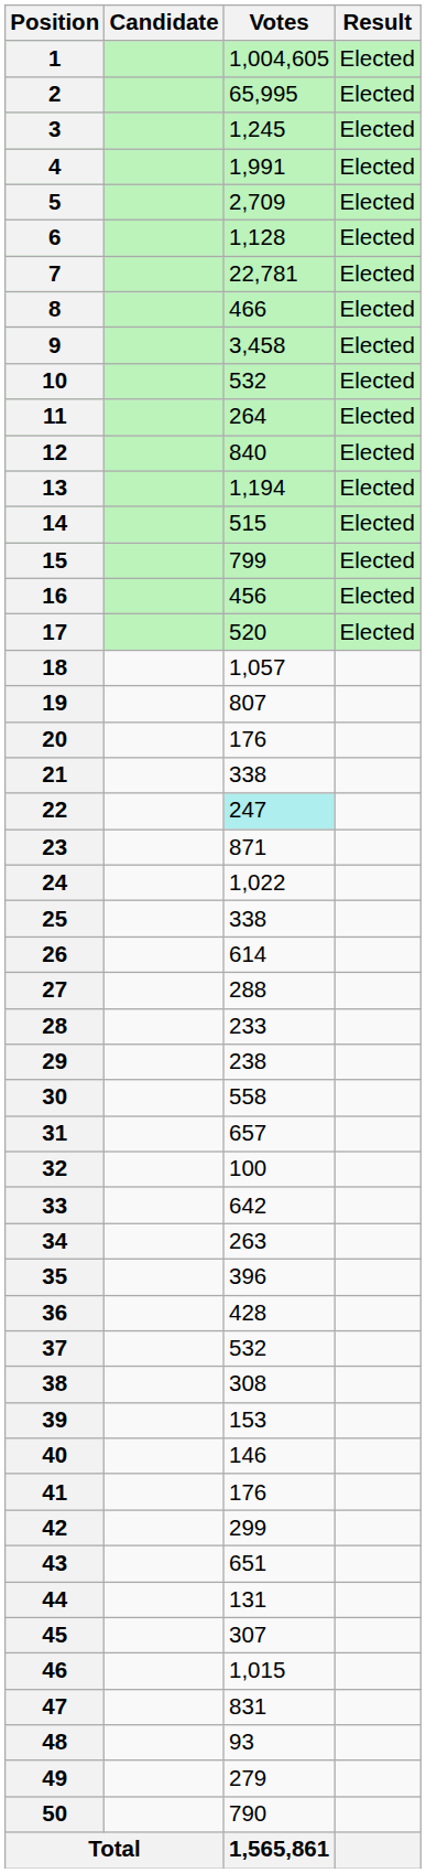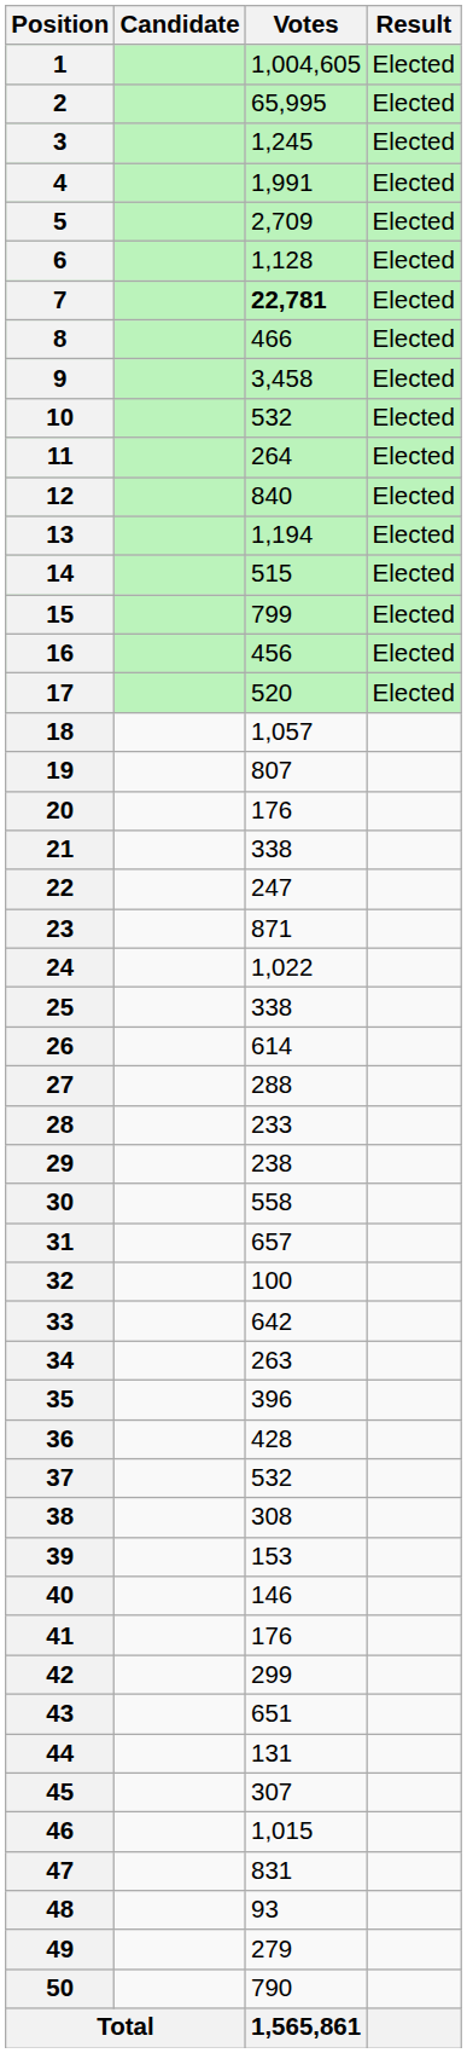 <table class="wikitable sortable col3right">
 <tr>
 <th scope="col">Position</th>
 <th scope="col">Candidate</th>
 <th scope="col">Votes</th>
 <th scope="col">Result</th>
 </tr>
 <tr bgcolor=bbf3bb>
 <th scope="row">1</th>
 <td></td>
 <td>1,004,605</td>
 <td>Elected</td>
 </tr>
 <tr bgcolor=bbf3bb>
 <th scope="row">2</th>
 <td></td>
 <td>65,995</td>
 <td>Elected</td>
 </tr>
 <tr bgcolor=bbf3bb>
 <th scope="row">3</th>
 <td></td>
 <td>1,245</td>
 <td>Elected</td>
 </tr>
 <tr bgcolor=bbf3bb>
 <th scope="row">4</th>
 <td></td>
 <td>1,991</td>
 <td>Elected</td>
 </tr>
 <tr bgcolor=bbf3bb>
 <th scope="row">5</th>
 <td></td>
 <td>2,709</td>
 <td>Elected</td>
 </tr>
 <tr bgcolor=bbf3bb>
 <th scope="row">6</th>
 <td></td>
 <td>1,128</td>
 <td>Elected</td>
 </tr>
 <tr bgcolor=bbf3bb>
 <th scope="row">7</th>
 <td></td>
-<td>22,781</td>
+<td><strong>22,781</strong></td>
 <td>Elected</td>
 </tr>
 <tr bgcolor=bbf3bb>
 <th scope="row">8</th>
 <td></td>
 <td>466</td>
 <td>Elected</td>
 </tr>
 <tr bgcolor=bbf3bb>
 <th scope="row">9</th>
 <td></td>
 <td>3,458</td>
 <td>Elected</td>
 </tr>
 <tr bgcolor=bbf3bb>
 <th scope="row">10</th>
 <td></td>
 <td>532</td>
 <td>Elected</td>
 </tr>
 <tr bgcolor=bbf3bb>
 <th scope="row">11</th>
 <td></td>
 <td>264</td>
 <td>Elected</td>
 </tr>
 <tr bgcolor=bbf3bb>
 <th scope="row">12</th>
 <td></td>
 <td>840</td>
 <td>Elected</td>
 </tr>
 <tr bgcolor=bbf3bb>
 <th scope="row">13</th>
 <td></td>
 <td>1,194</td>
 <td>Elected</td>
 </tr>
 <tr bgcolor=bbf3bb>
 <th scope="row">14</th>
 <td></td>
 <td>515</td>
 <td>Elected</td>
 </tr>
 <tr bgcolor=bbf3bb>
 <th scope="row">15</th>
 <td></td>
 <td>799</td>
 <td>Elected</td>
 </tr>
 <tr bgcolor=bbf3bb>
 <th scope="row">16</th>
 <td></td>
 <td>456</td>
 <td>Elected</td>
 </tr>
 <tr bgcolor=bbf3bb>
 <th scope="row">17</th>
 <td></td>
 <td>520</td>
 <td>Elected</td>
 </tr>
 <tr>
 <th scope="row">18</th>
 <td></td>
 <td>1,057</td>
 <td></td>
 </tr>
 <tr>
 <th scope="row">19</th>
 <td></td>
 <td>807</td>
 <td></td>
 </tr>
 <tr>
 <th scope="row">20</th>
 <td></td>
 <td>176</td>
 <td></td>
 </tr>
 <tr>
 <th scope="row">21</th>
 <td></td>
 <td>338</td>
 <td></td>
 </tr>
 <tr>
 <th scope="row">22</th>
 <td></td>
-<td style="background: paleturquoise;">247</td>
+<td>247</td>
 <td></td>
 </tr>
 <tr>
 <th scope="row">23</th>
 <td></td>
 <td>871</td>
 <td></td>
 </tr>
 <tr>
 <th scope="row">24</th>
 <td></td>
 <td>1,022</td>
 <td></td>
 </tr>
 <tr>
 <th scope="row">25</th>
 <td></td>
 <td>338</td>
 <td></td>
 </tr>
 <tr>
 <th scope="row">26</th>
 <td></td>
 <td>614</td>
 <td></td>
 </tr>
 <tr>
 <th scope="row">27</th>
 <td></td>
 <td>288</td>
 <td></td>
 </tr>
 <tr>
 <th scope="row">28</th>
 <td></td>
 <td>233</td>
 <td></td>
 </tr>
 <tr>
 <th scope="row">29</th>
 <td></td>
 <td>238</td>
 <td></td>
 </tr>
 <tr>
 <th scope="row">30</th>
 <td></td>
 <td>558</td>
 <td></td>
 </tr>
 <tr>
 <th scope="row">31</th>
 <td></td>
 <td>657</td>
 <td></td>
 </tr>
 <tr>
 <th scope="row">32</th>
 <td></td>
 <td>100</td>
 <td></td>
 </tr>
 <tr>
 <th scope="row">33</th>
 <td></td>
 <td>642</td>
 <td></td>
 </tr>
 <tr>
 <th scope="row">34</th>
 <td></td>
 <td>263</td>
 <td></td>
 </tr>
 <tr>
 <th scope="row">35</th>
 <td></td>
 <td>396</td>
 <td></td>
 </tr>
 <tr>
 <th scope="row">36</th>
 <td></td>
 <td>428</td>
 <td></td>
 </tr>
 <tr>
 <th scope="row">37</th>
 <td></td>
 <td>532</td>
 <td></td>
 </tr>
 <tr>
 <th scope="row">38</th>
 <td></td>
 <td>308</td>
 <td></td>
 </tr>
 <tr>
 <th scope="row">39</th>
 <td></td>
 <td>153</td>
 <td></td>
 </tr>
 <tr>
 <th scope="row">40</th>
 <td></td>
 <td>146</td>
 <td></td>
 </tr>
 <tr>
 <th scope="row">41</th>
 <td></td>
 <td>176</td>
 <td></td>
 </tr>
 <tr>
 <th scope="row">42</th>
 <td></td>
 <td>299</td>
 <td></td>
 </tr>
 <tr>
 <th scope="row">43</th>
 <td></td>
 <td>651</td>
 <td></td>
 </tr>
 <tr>
 <th scope="row">44</th>
 <td></td>
 <td>131</td>
 <td></td>
 </tr>
 <tr>
 <th scope="row">45</th>
 <td></td>
 <td>307</td>
 <td></td>
 </tr>
 <tr>
 <th scope="row">46</th>
 <td></td>
 <td>1,015</td>
 <td></td>
 </tr>
 <tr>
 <th scope="row">47</th>
 <td></td>
 <td>831</td>
 <td></td>
 </tr>
 <tr>
 <th scope="row">48</th>
 <td></td>
 <td>93</td>
 <td></td>
 </tr>
 <tr>
 <th scope="row">49</th>
 <td></td>
 <td>279</td>
 <td></td>
 </tr>
 <tr>
 <th scope="row">50</th>
 <td></td>
 <td>790</td>
 <td></td>
 </tr>
 <tr class=sortbottom>
 <th scope="row" colspan="2">Total</th>
 <th>1,565,861</th>
 <th></th>
 </tr>
 </table>
